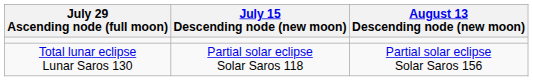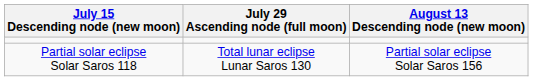 <table class="wikitable">
 <tr>
+<th><a href='#'>July 15</a><br>Descending node (new moon)<br></th>
 <th>July 29<br>Ascending node (full moon)<br></th>
-<th><a href='#'>July 15</a><br>Descending node (new moon)<br></th>
 <th><a href='#'>August 13</a><br>Descending node (new moon)<br></th>
 </tr>
 <tr>
 <td></td>
 <td></td>
 <td></td>
 </tr>
 <tr align=center>
+<td><a href='#'>Partial solar eclipse</a><br>Solar Saros 118</td>
 <td><a href='#'>Total lunar eclipse</a><br>Lunar Saros 130</td>
-<td><a href='#'>Partial solar eclipse</a><br>Solar Saros 118</td>
 <td><a href='#'>Partial solar eclipse</a><br>Solar Saros 156</td>
 </tr>
 </table>
